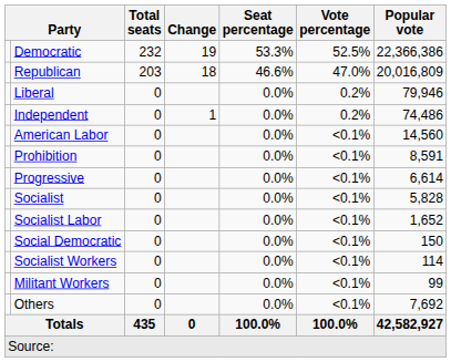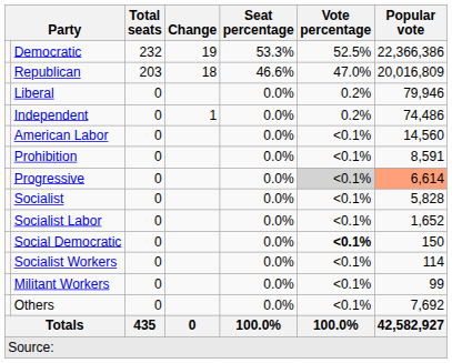 <table class=wikitable>
 <tr valign=bottom>
 <th colspan=2>Party</th>
 <th>Total<br>seats</th>
 <th>Change</th>
 <th>Seat<br>percentage</th>
 <th>Vote<br>percentage</th>
 <th>Popular<br>vote</th>
 </tr>
 <tr>
 <td></td>
 <td><a href='#'>Democratic</a></td>
 <td align=right >232</td>
 <td align=right > 19</td>
 <td align=right >53.3%</td>
 <td align=right >52.5%</td>
 <td align=right >22,366,386</td>
 </tr>
 <tr>
 <td></td>
 <td><a href='#'>Republican</a></td>
 <td align=right>203</td>
 <td align=right> 18</td>
 <td align=right>46.6%</td>
 <td align=right>47.0%</td>
 <td align=right>20,016,809</td>
 </tr>
 <tr>
 <td></td>
 <td><a href='#'>Liberal</a></td>
 <td align=right>0</td>
 <td align=right></td>
 <td align=right>0.0%</td>
 <td align=right>0.2%</td>
 <td align=right>79,946</td>
 </tr>
 <tr>
 <td></td>
 <td><a href='#'>Independent</a></td>
 <td align=right>0</td>
 <td align=right>  1</td>
 <td align=right>0.0%</td>
 <td align=right>0.2%</td>
 <td align=right>74,486</td>
 </tr>
 <tr>
 <td></td>
 <td><a href='#'>American Labor</a></td>
 <td align=right>0</td>
 <td align=right></td>
 <td align=right>0.0%</td>
 <td align=right><0.1%</td>
 <td align=right>14,560</td>
 </tr>
 <tr>
 <td></td>
 <td><a href='#'>Prohibition</a></td>
 <td align=right>0</td>
 <td align=right></td>
 <td align=right>0.0%</td>
 <td align=right><0.1%</td>
 <td align=right>8,591</td>
 </tr>
 <tr>
 <td></td>
 <td><a href='#'>Progressive</a></td>
 <td align=right>0</td>
 <td align=right></td>
 <td align=right>0.0%</td>
-<td align=right><0.1%</td>
-<td align=right>6,614</td>
+<td align=right style="background: lightgrey;"><0.1%</td>
+<td align=right style="background: lightsalmon;">6,614</td>
 </tr>
 <tr>
 <td></td>
 <td><a href='#'>Socialist</a></td>
 <td align=right>0</td>
 <td align=right></td>
 <td align=right>0.0%</td>
 <td align=right><0.1%</td>
 <td align=right>5,828</td>
 </tr>
 <tr>
 <td></td>
 <td><a href='#'>Socialist Labor</a></td>
 <td align=right>0</td>
 <td align=right></td>
 <td align=right>0.0%</td>
 <td align=right><0.1%</td>
 <td align=right>1,652</td>
 </tr>
 <tr>
 <td></td>
 <td><a href='#'>Social Democratic</a></td>
 <td align=right>0</td>
 <td align=right></td>
 <td align=right>0.0%</td>
-<td align=right><0.1%</td>
+<td align=right><strong><0.1%</strong></td>
 <td align=right>150</td>
 </tr>
 <tr>
 <td></td>
 <td><a href='#'>Socialist Workers</a></td>
 <td align=right>0</td>
 <td align=right></td>
 <td align=right>0.0%</td>
 <td align=right><0.1%</td>
 <td align=right>114</td>
 </tr>
 <tr>
 <td></td>
 <td><a href='#'>Militant Workers</a></td>
 <td align=right>0</td>
 <td align=right></td>
 <td align=right>0.0%</td>
 <td align=right><0.1%</td>
 <td align=right>99</td>
 </tr>
 <tr>
 <td></td>
 <td>Others</td>
 <td align=right>0</td>
 <td align=right></td>
 <td align=right>0.0%</td>
 <td align=right><0.1%</td>
 <td align=right>7,692</td>
 </tr>
 <tr bgcolor=lightgrey>
 <th colspan=2>Totals</th>
 <th align=right>435</th>
 <th align=right>0</th>
 <th align=right>100.0%</th>
 <th align=right>100.0%</th>
 <th align=right>42,582,927</th>
 </tr>
 <tr bgcolor=E9E9E9>
 <td align="left" colspan=9>Source: </td>
 </tr>
 </table>
